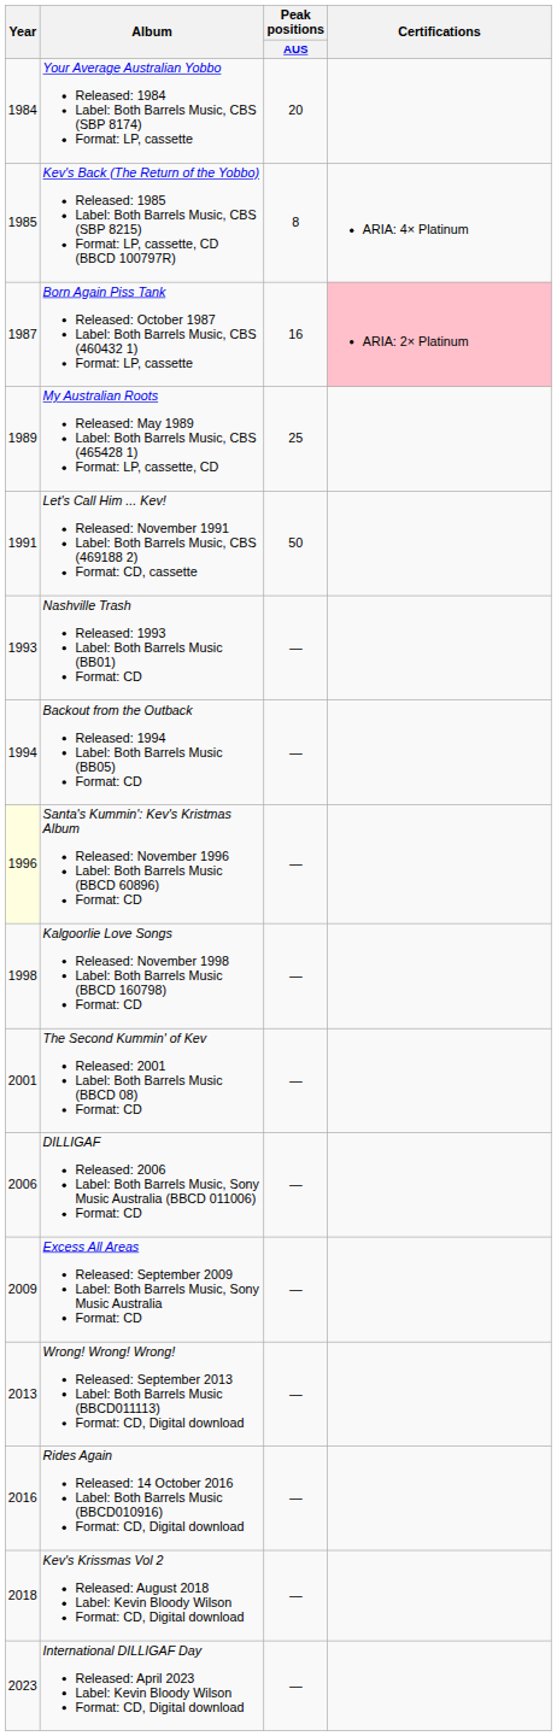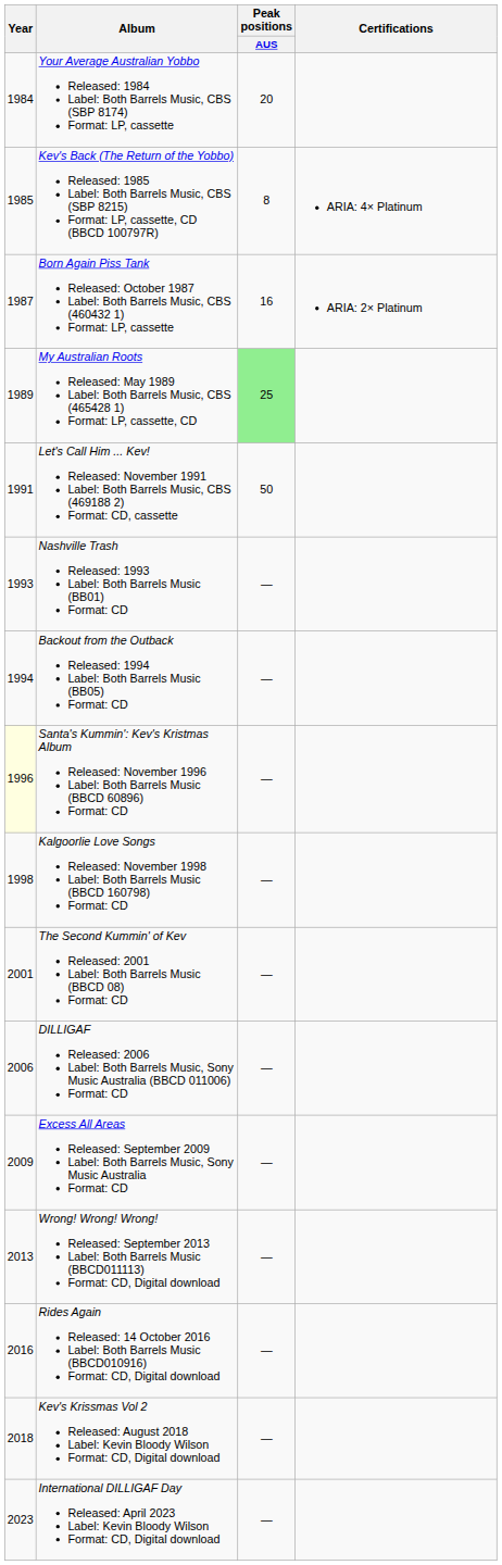 <table class="wikitable">
 <tr>
 <th align="center" rowspan="2" width="10">Year</th>
 <th align="center" rowspan="2" width="270">Album</th>
 <th align="center" colspan="1" width="20">Peak positions</th>
 <th align="center" rowspan="2" width="270">Certifications</th>
 </tr>
 <tr>
 <th scope="col" style="width:3em;font-size:90%;"><a href='#'>AUS</a><br></th>
 </tr>
 <tr>
 <td style="text-align:center;">1984</td>
 <td><em><a href='#'>Your Average Australian Yobbo</a></em><br><ul><li>Released: 1984</li><li>Label: Both Barrels Music, CBS (SBP 8174)</li><li>Format: LP, cassette</li></ul></td>
 <td style="text-align:center;">20</td>
 <td></td>
 </tr>
 <tr>
 <td style="text-align:center;">1985</td>
 <td><em><a href='#'>Kev's Back (The Return of the Yobbo)</a></em><br><ul><li>Released: 1985</li><li>Label: Both Barrels Music, CBS (SBP 8215)</li><li>Format: LP, cassette, CD (BBCD 100797R)</li></ul></td>
 <td style="text-align:center;">8</td>
 <td><br><ul><li>ARIA: 4× Platinum</li></ul></td>
 </tr>
 <tr>
 <td style="text-align:center;">1987</td>
 <td><em><a href='#'>Born Again Piss Tank</a></em><br><ul><li>Released: October 1987</li><li>Label: Both Barrels Music, CBS (460432 1)</li><li>Format: LP, cassette</li></ul></td>
 <td style="text-align:center;">16</td>
-<td style="background: pink;"><br><ul><li>ARIA: 2× Platinum</li></ul></td>
+<td><br><ul><li>ARIA: 2× Platinum</li></ul></td>
 </tr>
 <tr>
 <td style="text-align:center;">1989</td>
 <td><em><a href='#'>My Australian Roots</a></em><br><ul><li>Released: May 1989</li><li>Label: Both Barrels Music, CBS (465428 1)</li><li>Format: LP, cassette, CD</li></ul></td>
-<td style="text-align:center;">25</td>
+<td style="background: lightgreen; text-align:center;">25</td>
 <td></td>
 </tr>
 <tr>
 <td style="text-align:center;">1991</td>
 <td><em>Let's Call Him ... Kev!</em><br><ul><li>Released: November 1991</li><li>Label: Both Barrels Music, CBS (469188 2)</li><li>Format: CD, cassette</li></ul></td>
 <td style="text-align:center;">50</td>
 <td></td>
 </tr>
 <tr>
 <td style="text-align:center;">1993</td>
 <td><em>Nashville Trash</em><br><ul><li>Released: 1993</li><li>Label: Both Barrels Music (BB01)</li><li>Format: CD</li></ul></td>
 <td style="text-align:center;">—</td>
 <td></td>
 </tr>
 <tr>
 <td style="text-align:center;">1994</td>
 <td><em>Backout from the Outback</em><br><ul><li>Released: 1994</li><li>Label: Both Barrels Music (BB05)</li><li>Format: CD</li></ul></td>
 <td style="text-align:center;">—</td>
 <td></td>
 </tr>
 <tr>
 <td style="background: lightyellow; text-align:center;">1996</td>
 <td><em>Santa's Kummin': Kev's Kristmas Album</em><br><ul><li>Released: November 1996</li><li>Label: Both Barrels Music (BBCD 60896)</li><li>Format: CD</li></ul></td>
 <td style="text-align:center;">—</td>
 <td></td>
 </tr>
 <tr>
 <td style="text-align:center;">1998</td>
 <td><em>Kalgoorlie Love Songs</em><br><ul><li>Released: November 1998</li><li>Label: Both Barrels Music (BBCD 160798)</li><li>Format: CD</li></ul></td>
 <td style="text-align:center;">—</td>
 <td></td>
 </tr>
 <tr>
 <td style="text-align:center;">2001</td>
 <td><em>The Second Kummin' of Kev</em><br><ul><li>Released: 2001</li><li>Label: Both Barrels Music (BBCD 08)</li><li>Format: CD</li></ul></td>
 <td style="text-align:center;">—</td>
 <td></td>
 </tr>
 <tr>
 <td style="text-align:center;">2006</td>
 <td><em>DILLIGAF</em><br><ul><li>Released: 2006</li><li>Label: Both Barrels Music, Sony Music Australia (BBCD 011006)</li><li>Format: CD</li></ul></td>
 <td style="text-align:center;">—</td>
 <td></td>
 </tr>
 <tr>
 <td style="text-align:center;">2009</td>
 <td><em><a href='#'>Excess All Areas</a></em><br><ul><li>Released: September 2009</li><li>Label: Both Barrels Music, Sony Music Australia</li><li>Format: CD</li></ul></td>
 <td style="text-align:center;">—</td>
 <td></td>
 </tr>
 <tr>
 <td style="text-align:center;">2013</td>
 <td><em>Wrong! Wrong! Wrong!</em><br><ul><li>Released: September 2013</li><li>Label: Both Barrels Music (BBCD011113)</li><li>Format: CD, Digital download</li></ul></td>
 <td style="text-align:center;">—</td>
 <td></td>
 </tr>
 <tr>
 <td style="text-align:center;">2016</td>
 <td><em>Rides Again</em><br><ul><li>Released: 14 October 2016</li><li>Label: Both Barrels Music (BBCD010916)</li><li>Format: CD, Digital download</li></ul></td>
 <td style="text-align:center;">—</td>
 <td></td>
 </tr>
 <tr>
 <td style="text-align:center;">2018</td>
 <td><em>Kev's Krissmas Vol 2</em><br><ul><li>Released: August 2018</li><li>Label: Kevin Bloody Wilson</li><li>Format: CD, Digital download</li></ul></td>
 <td style="text-align:center;">—</td>
 <td></td>
 </tr>
 <tr>
 <td style="text-align:center;">2023</td>
 <td><em>International DILLIGAF Day</em><br><ul><li>Released: April 2023</li><li>Label: Kevin Bloody Wilson</li><li>Format: CD, Digital download</li></ul></td>
 <td style="text-align:center;">—</td>
 <td></td>
 </tr>
 </table>
